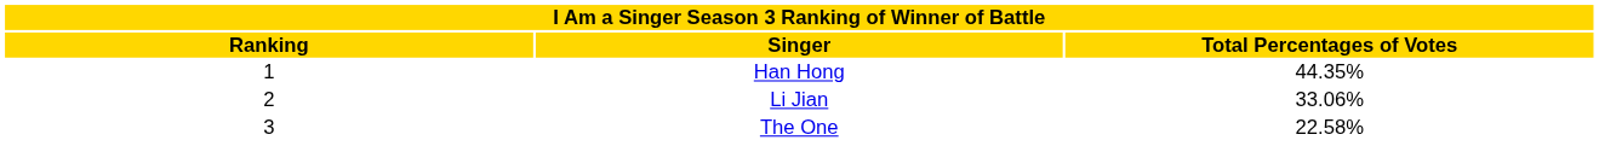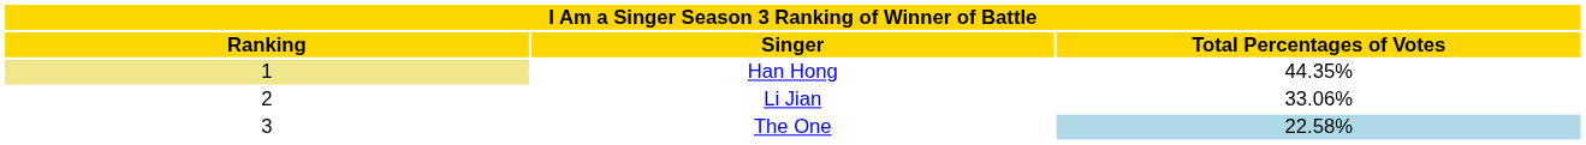 <table class="wikitalble" width="100%" style="text-align:center">
 <tr align=center style="background:gold">
 <td colspan="3"><div><strong>I Am a Singer Season 3 Ranking of Winner of Battle</strong></div></td>
 </tr>
 <tr align=center style="background:gold">
 <td style="width:10%"><strong>Ranking</strong></td>
 <td style="width:10%"><strong>Singer</strong></td>
 <td style="width:10%"><strong>Total Percentages of Votes</strong></td>
 </tr>
 <tr>
-<td>1</td>
+<td style="background: khaki;">1</td>
 <td><a href='#'>Han Hong</a></td>
 <td>44.35%</td>
 </tr>
 <tr>
 <td>2</td>
 <td><a href='#'>Li Jian</a></td>
 <td>33.06%</td>
 </tr>
 <tr>
 <td>3</td>
 <td><a href='#'>The One</a></td>
-<td>22.58%</td>
+<td style="background: lightblue;">22.58%</td>
 </tr>
 </table>
